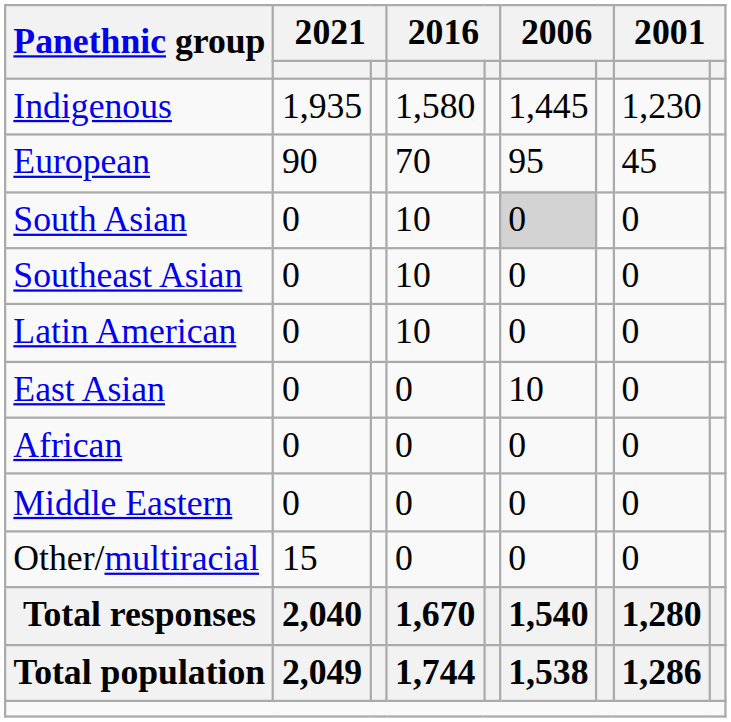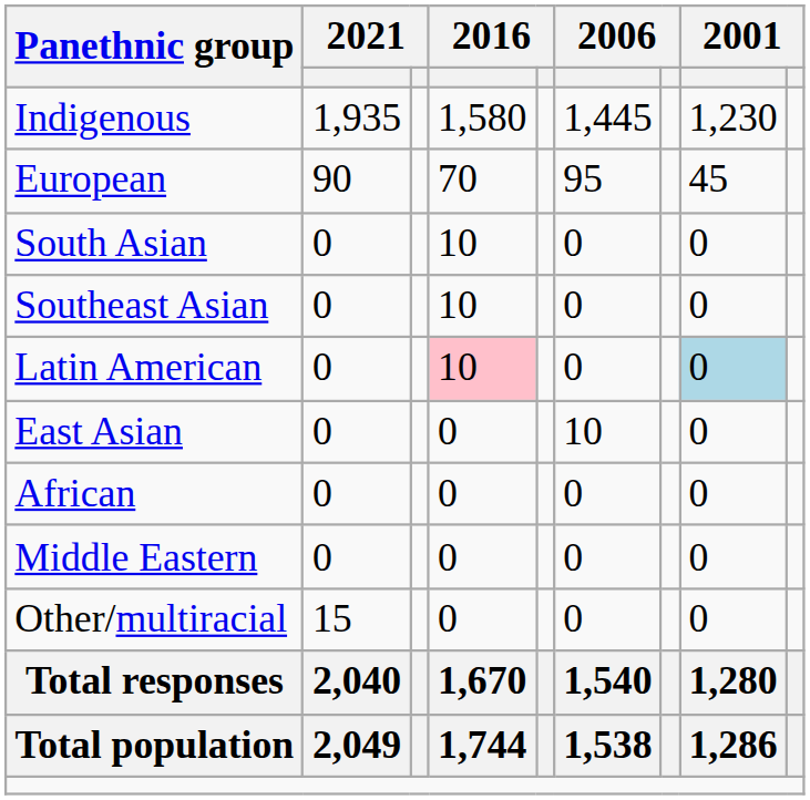 <table class="wikitable collapsible sortable">
 <tr>
 <th rowspan="2"><a href='#'>Panethnic</a> group</th>
 <th colspan="2">2021</th>
 <th colspan="2">2016</th>
 <th colspan="2">2006</th>
 <th colspan="2">2001</th>
 </tr>
 <tr>
 <th><a href='#'></a></th>
 <th></th>
 <th></th>
 <th></th>
 <th></th>
 <th></th>
 <th></th>
 <th></th>
 </tr>
 <tr>
 <td><a href='#'>Indigenous</a></td>
 <td>1,935</td>
 <td></td>
 <td>1,580</td>
 <td></td>
 <td>1,445</td>
 <td></td>
 <td>1,230</td>
 <td></td>
 </tr>
 <tr>
 <td><a href='#'>European</a></td>
 <td>90</td>
 <td></td>
 <td>70</td>
 <td></td>
 <td>95</td>
 <td></td>
 <td>45</td>
 <td></td>
 </tr>
 <tr>
 <td><a href='#'>South Asian</a></td>
 <td>0</td>
 <td></td>
 <td>10</td>
 <td></td>
-<td style="background: lightgrey;">0</td>
+<td>0</td>
 <td></td>
 <td>0</td>
 <td></td>
 </tr>
 <tr>
 <td><a href='#'>Southeast Asian</a></td>
 <td>0</td>
 <td></td>
 <td>10</td>
 <td></td>
 <td>0</td>
 <td></td>
 <td>0</td>
 <td></td>
 </tr>
 <tr>
 <td><a href='#'>Latin American</a></td>
 <td>0</td>
 <td></td>
-<td>10</td>
+<td style="background: pink;">10</td>
 <td></td>
 <td>0</td>
 <td></td>
-<td>0</td>
+<td style="background: lightblue;">0</td>
 <td></td>
 </tr>
 <tr>
 <td><a href='#'>East Asian</a></td>
 <td>0</td>
 <td></td>
 <td>0</td>
 <td></td>
 <td>10</td>
 <td></td>
 <td>0</td>
 <td></td>
 </tr>
 <tr>
 <td><a href='#'>African</a></td>
 <td>0</td>
 <td></td>
 <td>0</td>
 <td></td>
 <td>0</td>
 <td></td>
 <td>0</td>
 <td></td>
 </tr>
 <tr>
 <td><a href='#'>Middle Eastern</a></td>
 <td>0</td>
 <td></td>
 <td>0</td>
 <td></td>
 <td>0</td>
 <td></td>
 <td>0</td>
 <td></td>
 </tr>
 <tr>
 <td>Other/<a href='#'>multiracial</a></td>
 <td>15</td>
 <td></td>
 <td>0</td>
 <td></td>
 <td>0</td>
 <td></td>
 <td>0</td>
 <td></td>
 </tr>
 <tr>
 <th>Total responses</th>
 <th>2,040</th>
 <th></th>
 <th>1,670</th>
 <th></th>
 <th>1,540</th>
 <th></th>
 <th>1,280</th>
 <th></th>
 </tr>
 <tr class="sortbottom">
 <th>Total population</th>
 <th>2,049</th>
 <th></th>
 <th>1,744</th>
 <th></th>
 <th>1,538</th>
 <th></th>
 <th>1,286</th>
 <th></th>
 </tr>
 <tr class="sortbottom">
 <td colspan="11"></td>
 </tr>
 </table>
